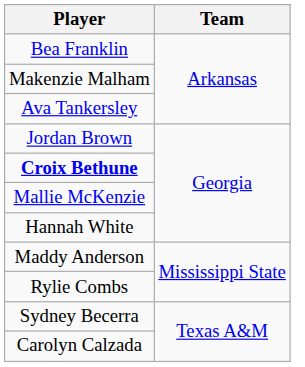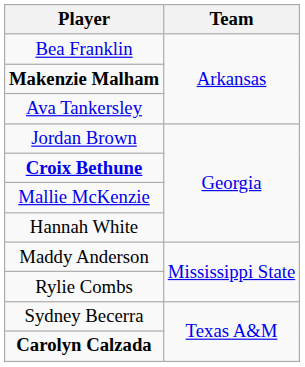 <table class="wikitable" style="text-align:center">
 <tr>
 <th>Player</th>
 <th>Team</th>
 </tr>
 <tr>
 <td><a href='#'>Bea Franklin</a></td>
 <td rowspan=3><a href='#'>Arkansas</a></td>
 </tr>
 <tr>
-<td>Makenzie Malham</td>
+<td><strong>Makenzie Malham</strong></td>
 </tr>
 <tr>
 <td><a href='#'>Ava Tankersley</a></td>
 </tr>
 <tr>
 <td><a href='#'>Jordan Brown</a></td>
 <td rowspan=4><a href='#'>Georgia</a></td>
 </tr>
 <tr>
 <td><strong><a href='#'>Croix Bethune</a></strong></td>
 </tr>
 <tr>
 <td><a href='#'>Mallie McKenzie</a></td>
 </tr>
 <tr>
 <td>Hannah White</td>
 </tr>
 <tr>
 <td>Maddy Anderson</td>
 <td rowspan=2><a href='#'>Mississippi State</a></td>
 </tr>
 <tr>
 <td>Rylie Combs</td>
 </tr>
 <tr>
 <td>Sydney Becerra</td>
 <td rowspan=2><a href='#'>Texas A&M</a></td>
 </tr>
 <tr>
-<td>Carolyn Calzada</td>
+<td><strong>Carolyn Calzada</strong></td>
 </tr>
 </table>
